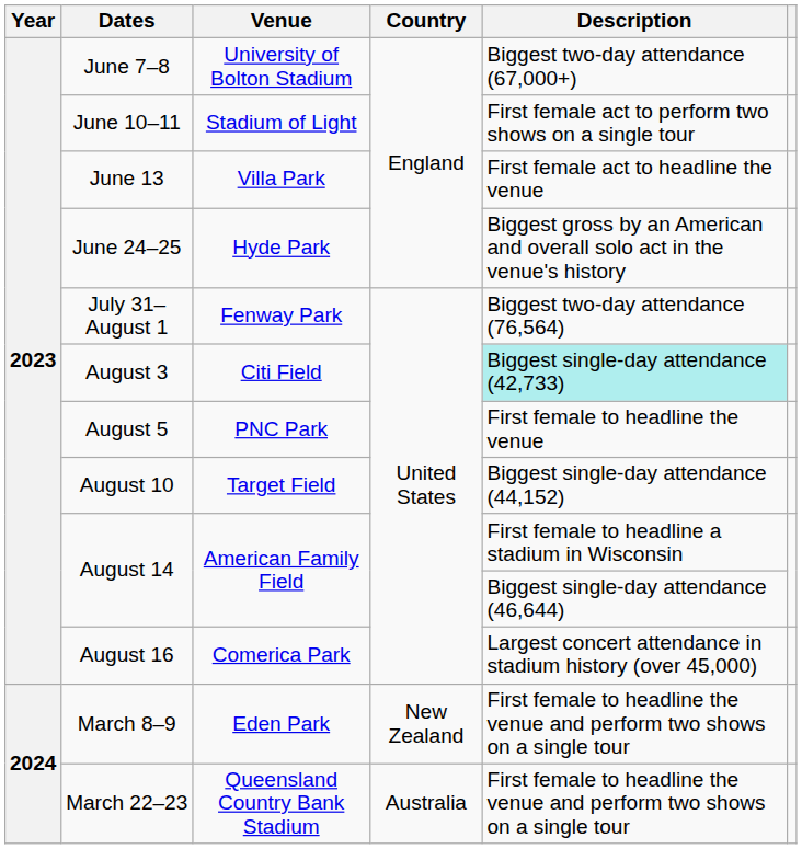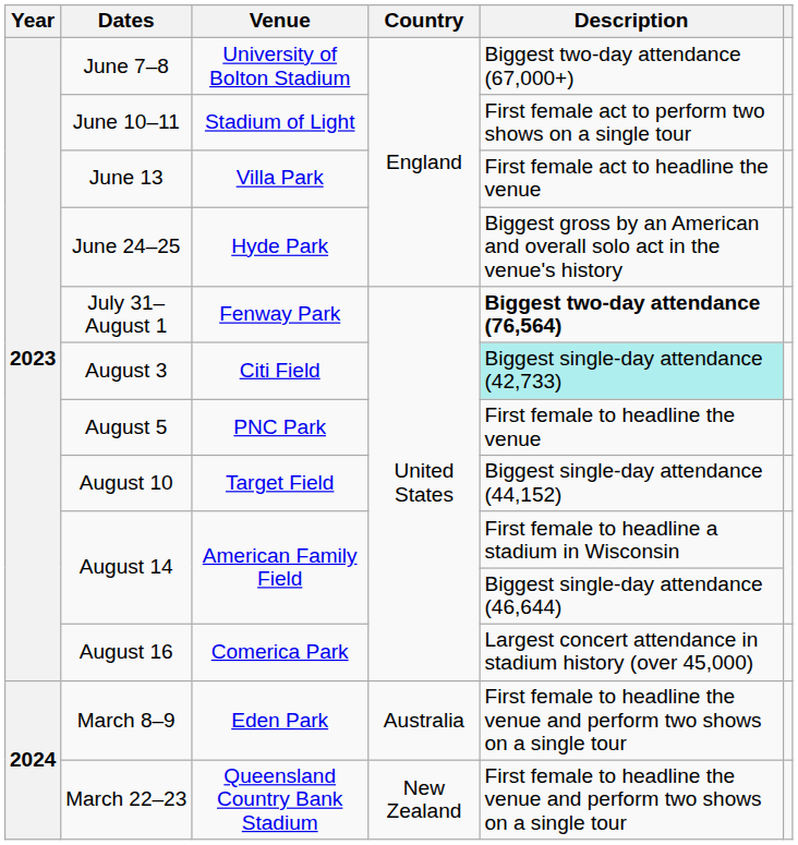 <table class="wikitable sortable plainrowheaders" style="text-align:center;">
 <tr>
 <th scope="col" style="width:2em;">Year</th>
 <th scope="col" style="width:14em;">Dates</th>
 <th scope="col" style="width:16em;">Venue</th>
 <th scope="col" style="width:8em;">Country</th>
 <th scope="col" style="width:40em;">Description</th>
 <th scope="col" class="unsortable"></th>
 </tr>
 <tr>
 <th scope="row" rowspan="11">2023</th>
 <td>June 7–8</td>
 <td><a href='#'>University of Bolton Stadium</a></td>
 <td rowspan="4">England</td>
 <td style="text-align:left;">Biggest two-day attendance (67,000+)</td>
 <td></td>
 </tr>
 <tr>
 <td>June 10–11</td>
 <td><a href='#'>Stadium of Light</a></td>
 <td style="text-align:left;">First female act to perform two shows on a single tour</td>
 <td></td>
 </tr>
 <tr>
 <td>June 13</td>
 <td><a href='#'>Villa Park</a></td>
 <td style="text-align:left;">First female act to headline the venue</td>
 <td></td>
 </tr>
 <tr>
 <td>June 24–25</td>
 <td><a href='#'>Hyde Park</a></td>
 <td style="text-align:left;">Biggest gross by an American and overall solo act in the venue's history</td>
 <td></td>
 </tr>
 <tr>
 <td>July 31–August 1</td>
 <td><a href='#'>Fenway Park</a></td>
 <td rowspan="7">United States</td>
-<td style="text-align:left;">Biggest two-day attendance (76,564)</td>
+<td style="text-align:left;"><strong>Biggest two-day attendance (76,564)</strong></td>
 <td></td>
 </tr>
 <tr>
 <td>August 3</td>
 <td><a href='#'>Citi Field</a></td>
 <td style="background: paleturquoise; text-align:left;">Biggest single-day attendance (42,733)</td>
 <td></td>
 </tr>
 <tr>
 <td>August 5</td>
 <td><a href='#'>PNC Park</a></td>
 <td style="text-align:left;">First female to headline the venue</td>
 <td></td>
 </tr>
 <tr>
 <td>August 10</td>
 <td><a href='#'>Target Field</a></td>
 <td style="text-align:left;">Biggest single-day attendance (44,152)</td>
 <td></td>
 </tr>
 <tr>
 <td rowspan="2">August 14</td>
 <td rowspan="2"><a href='#'>American Family Field</a></td>
 <td style="text-align:left;">First female to headline a stadium in Wisconsin</td>
 <td rowspan="2"></td>
 </tr>
 <tr>
 <td style="text-align:left;">Biggest single-day attendance (46,644)</td>
 </tr>
 <tr>
 <td>August 16</td>
 <td><a href='#'>Comerica Park</a></td>
 <td style="text-align:left;">Largest concert attendance in stadium history (over 45,000)</td>
 <td></td>
 </tr>
 <tr>
 <th scope="row" rowspan="2">2024</th>
 <td>March 8–9</td>
 <td><a href='#'>Eden Park</a></td>
-<td>New Zealand</td>
+<td>Australia</td>
 <td style="text-align:left;">First female to headline the venue and perform two shows on a single tour</td>
 <td></td>
 </tr>
 <tr>
 <td>March 22–23</td>
 <td><a href='#'>Queensland Country Bank Stadium</a></td>
-<td>Australia</td>
+<td>New Zealand</td>
 <td style="text-align:left;">First female to headline the venue and perform two shows on a single tour</td>
 <td></td>
 </tr>
 </table>
